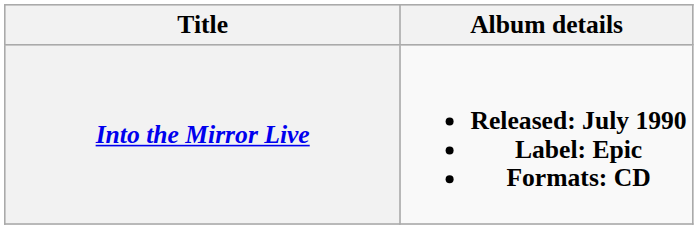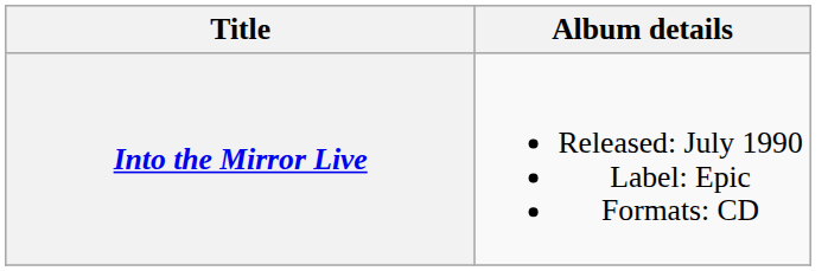 <table class="wikitable plainrowheaders" style="text-align:center;">
 <tr>
 <th scope="col" style="width:15em;">Title</th>
 <th scope="col">Album details</th>
 </tr>
 <tr>
 <th scope="row"><em><a href='#'>Into the Mirror Live</a></em></th>
-<td><strong><br><ul><li>Released: July 1990</li><li>Label: Epic</li><li>Formats: CD</li></ul></strong></td>
+<td><br><ul><li>Released: July 1990</li><li>Label: Epic</li><li>Formats: CD</li></ul></td>
 </tr>
 </table>
